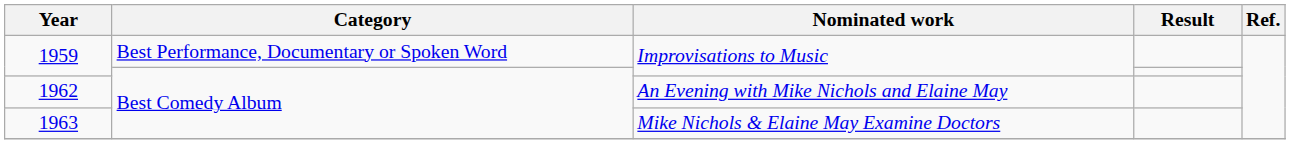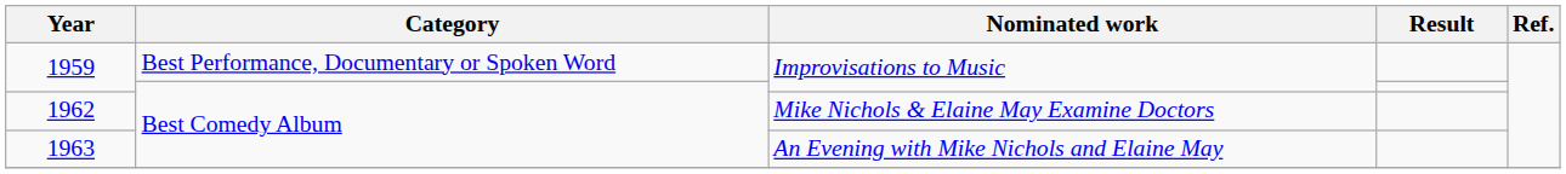 <table class=wikitable>
 <tr>
 <th scope="col" style="width:5em;">Year</th>
 <th scope="col" style="width:26em;">Category</th>
 <th scope="col" style="width:25em;">Nominated work</th>
 <th scope="col" style="width:5em;">Result</th>
 <th>Ref.</th>
 </tr>
 <tr>
 <td style="text-align:center;" rowspan="2"><a href='#'>1959</a></td>
 <td><a href='#'>Best Performance, Documentary or Spoken Word</a></td>
 <td rowspan="2"><em><a href='#'>Improvisations to Music</a></em></td>
 <td></td>
 <td align="center" rowspan="4"></td>
 </tr>
 <tr>
 <td rowspan="3"><a href='#'>Best Comedy Album</a></td>
 <td></td>
 </tr>
 <tr>
 <td style="text-align:center;"><a href='#'>1962</a></td>
-<td><em><a href='#'>An Evening with Mike Nichols and Elaine May</a></em></td>
+<td><em><a href='#'>Mike Nichols & Elaine May Examine Doctors</a></em></td>
 <td></td>
 </tr>
 <tr>
 <td style="text-align:center;"><a href='#'>1963</a></td>
-<td><em><a href='#'>Mike Nichols & Elaine May Examine Doctors</a></em></td>
+<td><em><a href='#'>An Evening with Mike Nichols and Elaine May</a></em></td>
 <td></td>
 </tr>
 <tr>
 </tr>
 </table>
